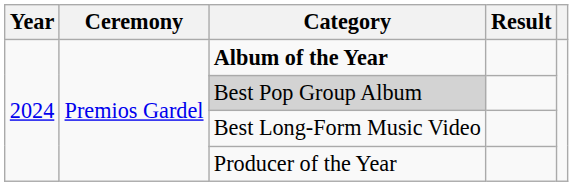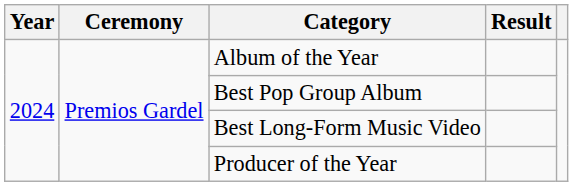 <table class="wikitable sortable plainrowheaders">
 <tr>
 <th scope="col">Year</th>
 <th scope="col">Ceremony</th>
 <th scope="col">Category</th>
 <th scope="col">Result</th>
 <th scope="col" class="unsortable"></th>
 </tr>
 <tr>
 <td rowspan="4" align="center"><a href='#'>2024</a></td>
 <td rowspan="4"><a href='#'>Premios Gardel</a></td>
-<td><strong>Album of the Year</strong></td>
+<td>Album of the Year</td>
 <td></td>
 <td rowspan="4" align="center"></td>
 </tr>
 <tr>
-<td style="background: lightgrey;">Best Pop Group Album</td>
+<td>Best Pop Group Album</td>
 <td></td>
 </tr>
 <tr>
 <td>Best Long-Form Music Video</td>
 <td></td>
 </tr>
 <tr>
 <td>Producer of the Year</td>
 <td></td>
 </tr>
 </table>
